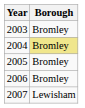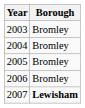 <table class="wikitable">
 <tr>
 <th>Year</th>
 <th>Borough</th>
 </tr>
 <tr>
 <td>2003</td>
 <td>Bromley</td>
 </tr>
 <tr>
 <td>2004</td>
-<td style="background: khaki;">Bromley</td>
+<td>Bromley</td>
 </tr>
 <tr>
 <td>2005</td>
 <td>Bromley</td>
 </tr>
 <tr>
 <td>2006</td>
 <td>Bromley</td>
 </tr>
 <tr>
 <td>2007</td>
-<td>Lewisham</td>
+<td><strong>Lewisham</strong></td>
 </tr>
 </table>
